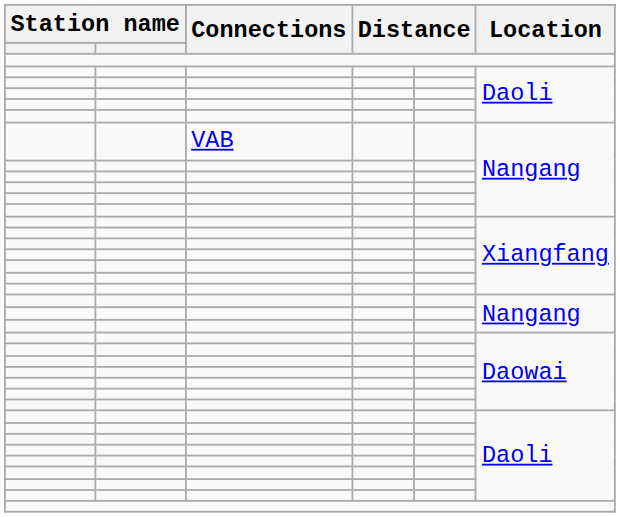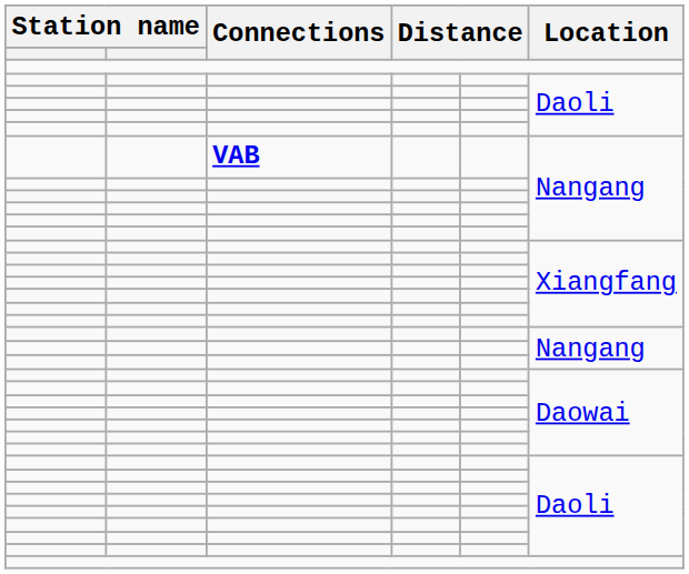 <table class="wikitable">
 <tr>
 <th colspan="2">Station name</th>
 <th rowspan="2">Connections</th>
 <th colspan="2" rowspan="2">Distance<br></th>
 <th rowspan="2">Location</th>
 </tr>
 <tr>
 <th></th>
 <th></th>
 </tr>
 <tr style="background:#">
 <td colspan = "6"></td>
 </tr>
 <tr>
 <td></td>
 <td></td>
 <td></td>
 <td></td>
 <td></td>
 <td rowspan="5"><a href='#'>Daoli</a></td>
 </tr>
 <tr>
 <td></td>
 <td></td>
 <td></td>
 <td></td>
 <td></td>
 </tr>
 <tr>
 <td></td>
 <td></td>
 <td></td>
 <td></td>
 <td></td>
 </tr>
 <tr>
 <td></td>
 <td></td>
 <td></td>
 <td></td>
 <td></td>
 </tr>
 <tr>
 <td></td>
 <td></td>
 <td></td>
 <td></td>
 <td></td>
 </tr>
 <tr>
 <td></td>
 <td></td>
-<td> <a href='#'>VAB</a></td>
+<td><strong> <a href='#'>VAB</a></strong></td>
 <td></td>
 <td></td>
 <td rowspan="6"><a href='#'>Nangang</a></td>
 </tr>
 <tr>
 <td></td>
 <td></td>
 <td></td>
 <td></td>
 <td></td>
 </tr>
 <tr>
 <td></td>
 <td></td>
 <td></td>
 <td></td>
 <td></td>
 </tr>
 <tr>
 <td></td>
 <td></td>
 <td></td>
 <td></td>
 <td></td>
 </tr>
 <tr>
 <td></td>
 <td></td>
 <td></td>
 <td></td>
 <td></td>
 </tr>
 <tr>
 <td></td>
 <td></td>
 <td></td>
 <td></td>
 <td></td>
 </tr>
 <tr>
 <td></td>
 <td></td>
 <td></td>
 <td></td>
 <td></td>
 <td rowspan="7"><a href='#'>Xiangfang</a></td>
 </tr>
 <tr>
 <td></td>
 <td></td>
 <td></td>
 <td></td>
 <td></td>
 </tr>
 <tr>
 <td></td>
 <td></td>
 <td></td>
 <td></td>
 <td></td>
 </tr>
 <tr>
 <td></td>
 <td></td>
 <td></td>
 <td></td>
 <td></td>
 </tr>
 <tr>
 <td></td>
 <td></td>
 <td></td>
 <td></td>
 <td></td>
 </tr>
 <tr>
 <td></td>
 <td></td>
 <td></td>
 <td></td>
 <td></td>
 </tr>
 <tr>
 <td></td>
 <td></td>
 <td></td>
 <td></td>
 <td></td>
 </tr>
 <tr>
 <td></td>
 <td></td>
 <td></td>
 <td></td>
 <td></td>
 <td rowspan="3"><a href='#'>Nangang</a></td>
 </tr>
 <tr>
 <td></td>
 <td></td>
 <td></td>
 <td></td>
 <td></td>
 </tr>
 <tr>
 <td></td>
 <td></td>
 <td></td>
 <td></td>
 <td></td>
 </tr>
 <tr>
 <td></td>
 <td></td>
 <td></td>
 <td></td>
 <td></td>
 <td rowspan="7"><a href='#'>Daowai</a></td>
 </tr>
 <tr>
 <td></td>
 <td></td>
 <td></td>
 <td></td>
 <td></td>
 </tr>
 <tr>
 <td></td>
 <td></td>
 <td></td>
 <td></td>
 <td></td>
 </tr>
 <tr>
 <td></td>
 <td></td>
 <td></td>
 <td></td>
 <td></td>
 </tr>
 <tr>
 <td></td>
 <td></td>
 <td></td>
 <td></td>
 <td></td>
 </tr>
 <tr>
 <td></td>
 <td></td>
 <td></td>
 <td></td>
 <td></td>
 </tr>
 <tr>
 <td></td>
 <td></td>
 <td></td>
 <td></td>
 <td></td>
 </tr>
 <tr>
 <td></td>
 <td></td>
 <td></td>
 <td></td>
 <td></td>
 <td rowspan="8"><a href='#'>Daoli</a></td>
 </tr>
 <tr>
 <td></td>
 <td></td>
 <td></td>
 <td></td>
 <td></td>
 </tr>
 <tr>
 <td></td>
 <td></td>
 <td></td>
 <td></td>
 <td></td>
 </tr>
 <tr>
 <td></td>
 <td></td>
 <td></td>
 <td></td>
 <td></td>
 </tr>
 <tr>
 <td></td>
 <td></td>
 <td></td>
 <td></td>
 <td></td>
 </tr>
 <tr>
 <td></td>
 <td></td>
 <td></td>
 <td></td>
 <td></td>
 </tr>
 <tr>
 <td></td>
 <td></td>
 <td></td>
 <td></td>
 <td></td>
 </tr>
 <tr>
 <td></td>
 <td></td>
 <td></td>
 <td></td>
 <td></td>
 </tr>
 <tr style="background:#">
 <td colspan = "6"></td>
 </tr>
 </table>
